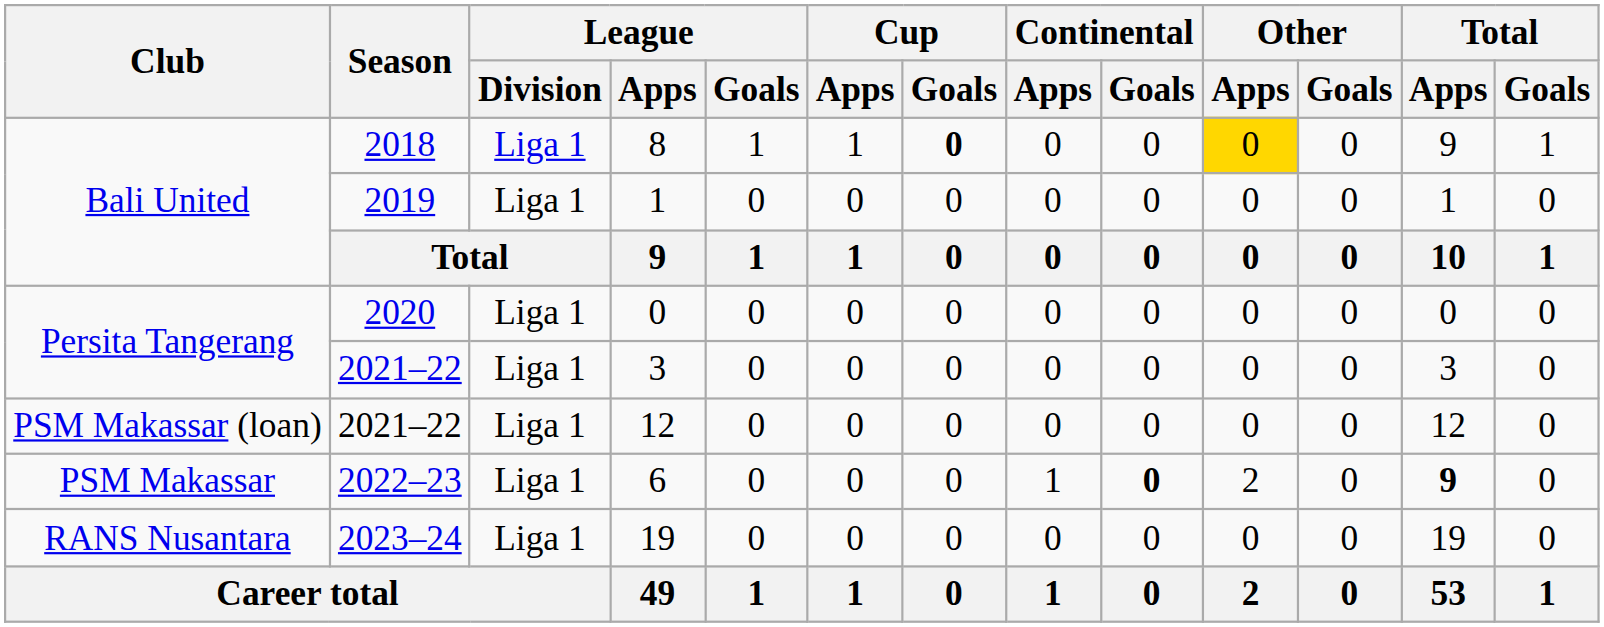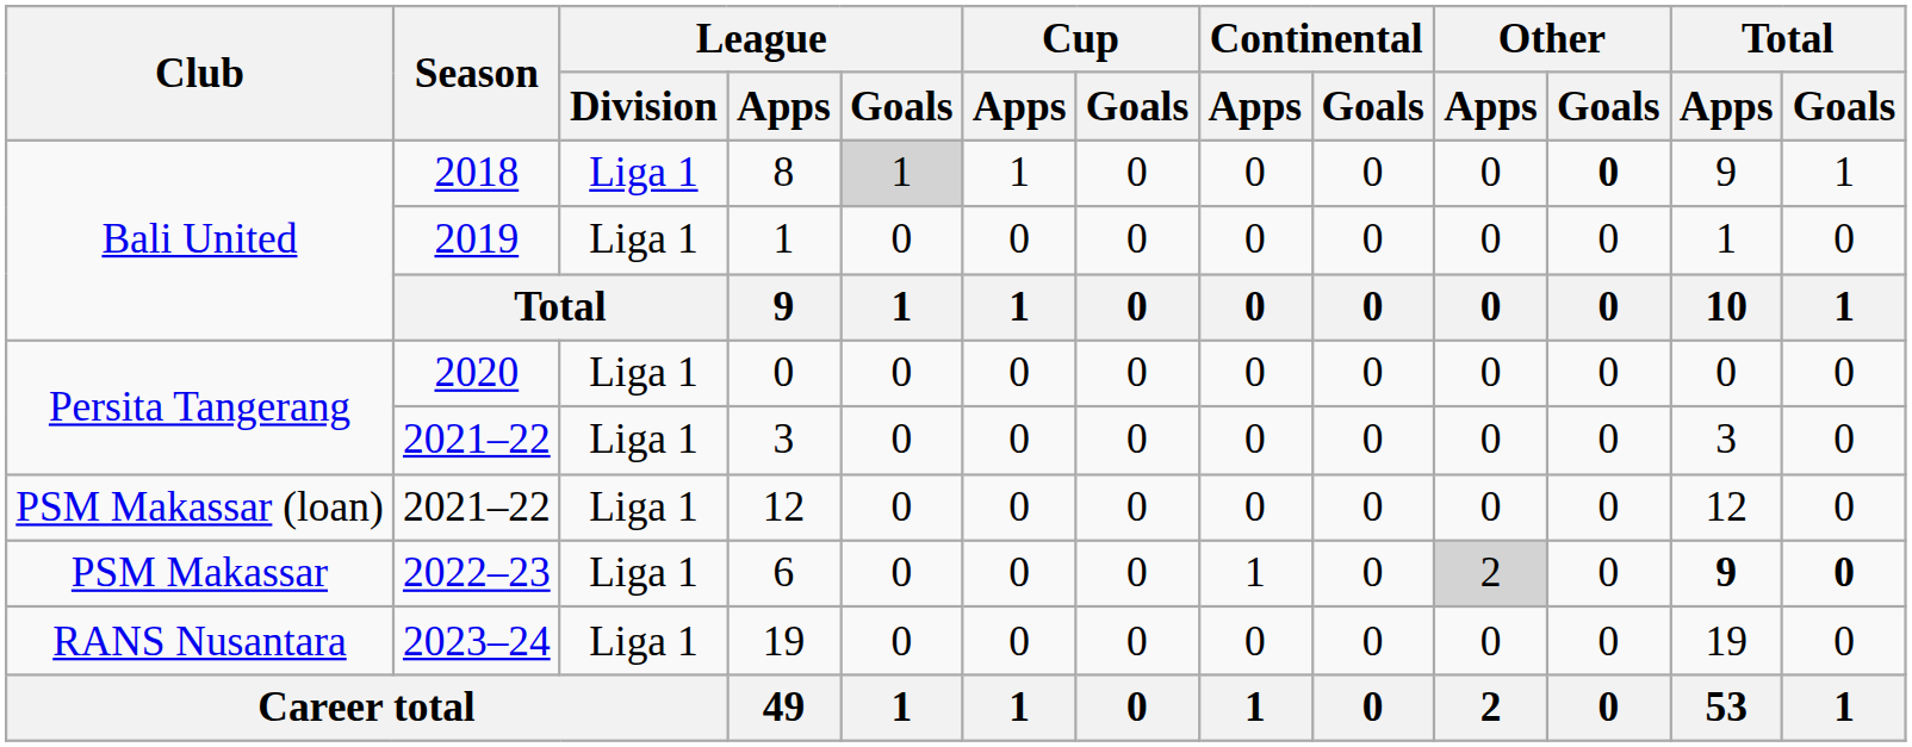 <table class="wikitable" style="text-align:center">
 <tr>
 <th rowspan="2">Club</th>
 <th rowspan="2">Season</th>
 <th colspan="3">League</th>
 <th colspan="2">Cup</th>
 <th colspan="2">Continental</th>
 <th colspan="2">Other</th>
 <th colspan="2">Total</th>
 </tr>
 <tr>
 <th>Division</th>
 <th>Apps</th>
 <th>Goals</th>
 <th>Apps</th>
 <th>Goals</th>
 <th>Apps</th>
 <th>Goals</th>
 <th>Apps</th>
 <th>Goals</th>
 <th>Apps</th>
 <th>Goals</th>
 </tr>
 <tr>
 <td rowspan="3" valign="center"><a href='#'>Bali United</a></td>
 <td><a href='#'>2018</a></td>
 <td rowspan="1" valign="center"><a href='#'>Liga 1</a></td>
 <td>8</td>
+<td style="background: lightgrey;">1</td>
 <td>1</td>
-<td>1</td>
-<td><strong>0</strong></td>
 <td>0</td>
 <td>0</td>
-<td style="background: gold;">0</td>
 <td>0</td>
+<td>0</td>
+<td><strong>0</strong></td>
 <td>9</td>
 <td>1</td>
 </tr>
 <tr>
 <td><a href='#'>2019</a></td>
 <td>Liga 1</td>
 <td>1</td>
 <td>0</td>
 <td>0</td>
 <td>0</td>
 <td>0</td>
 <td>0</td>
 <td>0</td>
 <td>0</td>
 <td>1</td>
 <td>0</td>
 </tr>
 <tr>
 <th colspan="2">Total</th>
 <th>9</th>
 <th>1</th>
 <th>1</th>
 <th>0</th>
 <th>0</th>
 <th>0</th>
 <th>0</th>
 <th>0</th>
 <th>10</th>
 <th>1</th>
 </tr>
 <tr>
 <td rowspan="2" valign="center"><a href='#'>Persita Tangerang</a></td>
 <td><a href='#'>2020</a></td>
 <td>Liga 1</td>
 <td>0</td>
 <td>0</td>
 <td>0</td>
 <td>0</td>
 <td>0</td>
 <td>0</td>
 <td>0</td>
 <td>0</td>
 <td>0</td>
 <td>0</td>
 </tr>
 <tr>
 <td><a href='#'>2021–22</a></td>
 <td>Liga 1</td>
 <td>3</td>
 <td>0</td>
 <td>0</td>
 <td>0</td>
 <td>0</td>
 <td>0</td>
 <td>0</td>
 <td>0</td>
 <td>3</td>
 <td>0</td>
 </tr>
 <tr>
 <td rowspan="1" valign="center"><a href='#'>PSM Makassar</a> (loan)</td>
 <td>2021–22</td>
 <td>Liga 1</td>
 <td>12</td>
 <td>0</td>
 <td>0</td>
 <td>0</td>
 <td>0</td>
 <td>0</td>
 <td>0</td>
 <td>0</td>
 <td>12</td>
 <td>0</td>
 </tr>
 <tr>
 <td rowspan="1" valign="center"><a href='#'>PSM Makassar</a></td>
 <td><a href='#'>2022–23</a></td>
 <td>Liga 1</td>
 <td>6</td>
 <td>0</td>
 <td>0</td>
 <td>0</td>
 <td>1</td>
-<td><strong>0</strong></td>
-<td>2</td>
+<td>0</td>
+<td style="background: lightgrey;">2</td>
 <td>0</td>
 <td><strong>9</strong></td>
-<td>0</td>
+<td><strong>0</strong></td>
 </tr>
 <tr>
 <td rowspan="1" valign="center"><a href='#'>RANS Nusantara</a></td>
 <td><a href='#'>2023–24</a></td>
 <td>Liga 1</td>
 <td>19</td>
 <td>0</td>
 <td>0</td>
 <td>0</td>
 <td>0</td>
 <td>0</td>
 <td>0</td>
 <td>0</td>
 <td>19</td>
 <td>0</td>
 </tr>
 <tr>
 <th colspan="3">Career total</th>
 <th>49</th>
 <th>1</th>
 <th>1</th>
 <th>0</th>
 <th>1</th>
 <th>0</th>
 <th>2</th>
 <th>0</th>
 <th>53</th>
 <th>1</th>
 </tr>
 </table>
